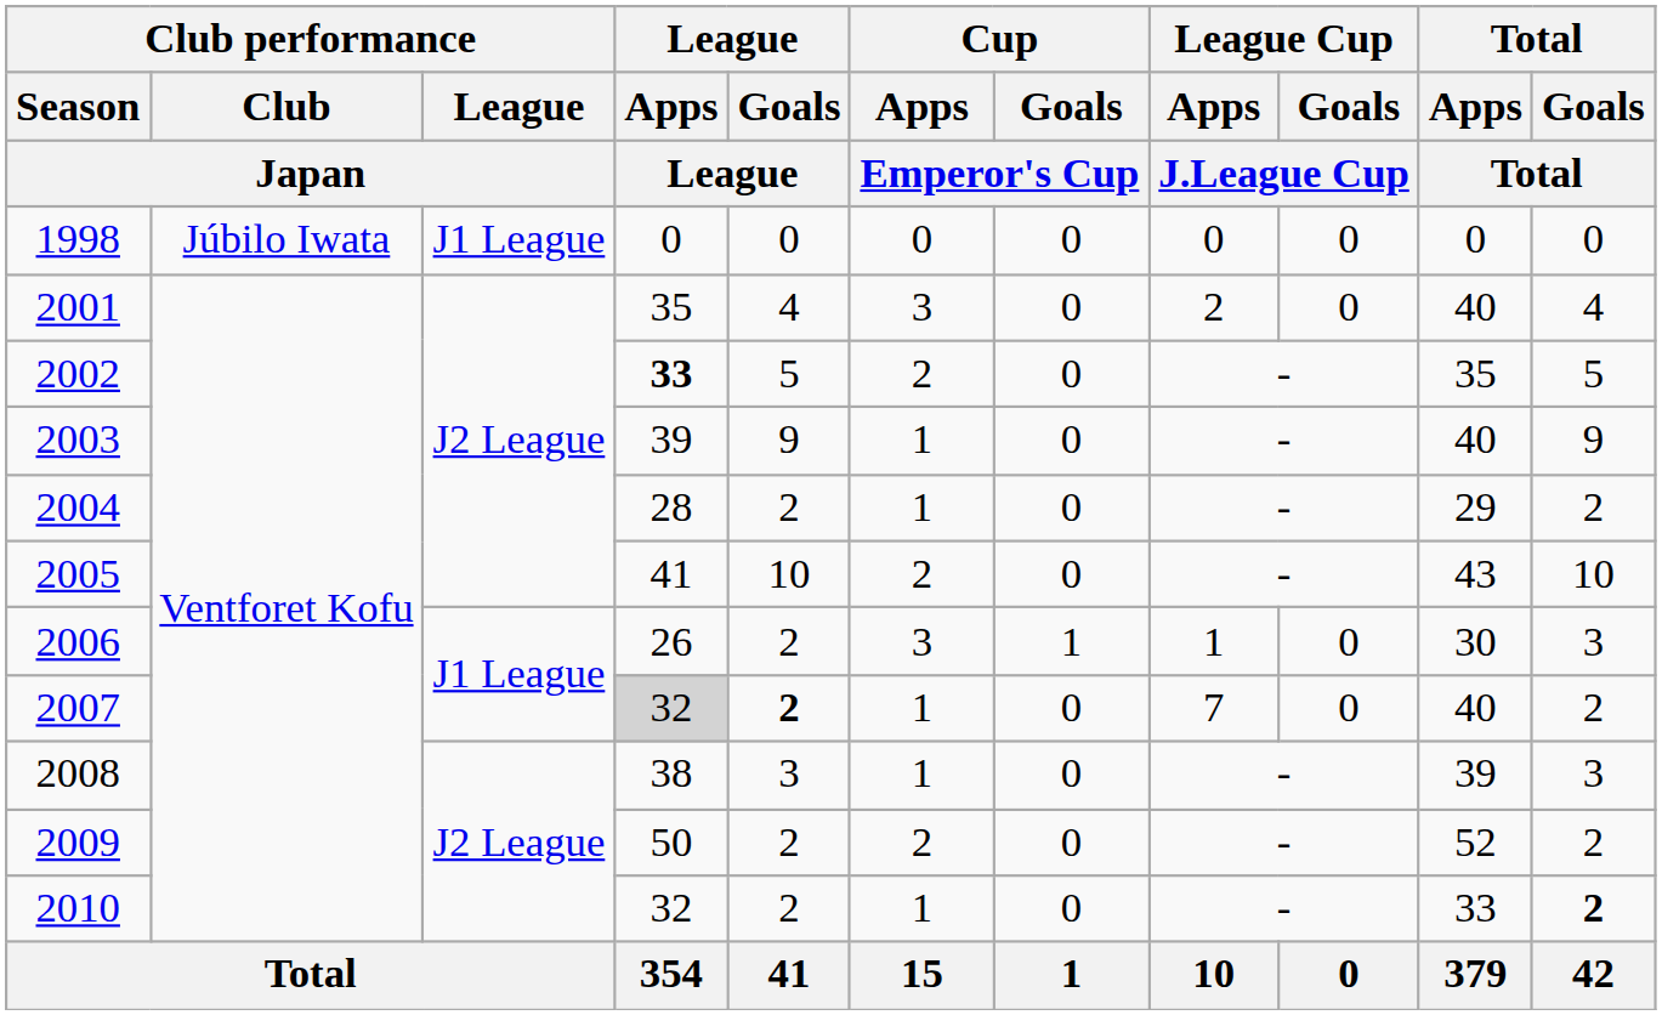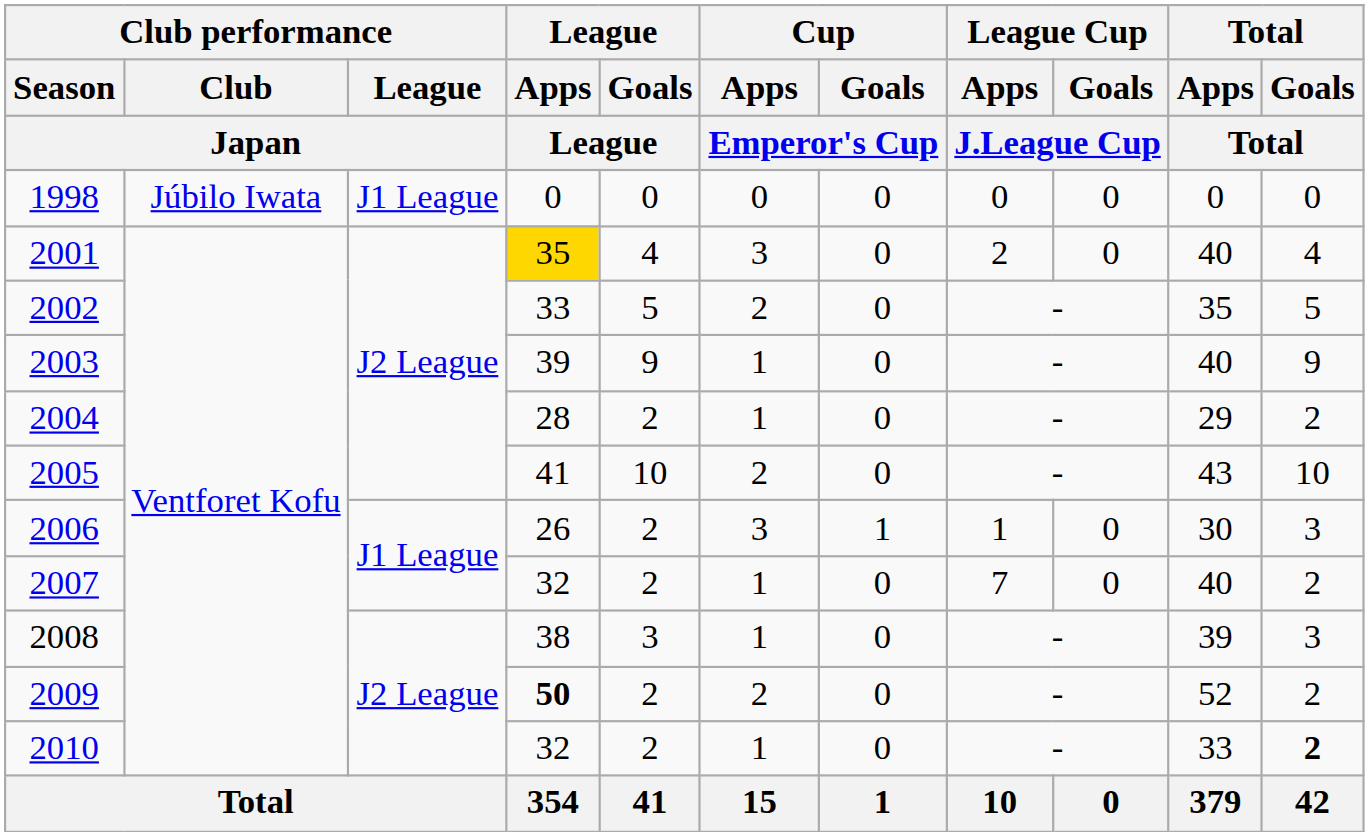 <table class="wikitable" style="text-align:center;">
 <tr>
 <th colspan=3>Club performance</th>
 <th colspan=2>League</th>
 <th colspan=2>Cup</th>
 <th colspan=2>League Cup</th>
 <th colspan=2>Total</th>
 </tr>
 <tr>
 <th>Season</th>
 <th>Club</th>
 <th>League</th>
 <th>Apps</th>
 <th>Goals</th>
 <th>Apps</th>
 <th>Goals</th>
 <th>Apps</th>
 <th>Goals</th>
 <th>Apps</th>
 <th>Goals</th>
 </tr>
 <tr>
 <th colspan=3>Japan</th>
 <th colspan=2>League</th>
 <th colspan=2><a href='#'>Emperor's Cup</a></th>
 <th colspan=2><a href='#'>J.League Cup</a></th>
 <th colspan=2>Total</th>
 </tr>
 <tr>
 <td><a href='#'>1998</a></td>
 <td><a href='#'>Júbilo Iwata</a></td>
 <td><a href='#'>J1 League</a></td>
 <td>0</td>
 <td>0</td>
 <td>0</td>
 <td>0</td>
 <td>0</td>
 <td>0</td>
 <td>0</td>
 <td>0</td>
 </tr>
 <tr>
 <td><a href='#'>2001</a></td>
 <td rowspan="10"><a href='#'>Ventforet Kofu</a></td>
 <td rowspan="5"><a href='#'>J2 League</a></td>
-<td>35</td>
+<td style="background: gold;">35</td>
 <td>4</td>
 <td>3</td>
 <td>0</td>
 <td>2</td>
 <td>0</td>
 <td>40</td>
 <td>4</td>
 </tr>
 <tr>
 <td><a href='#'>2002</a></td>
-<td><strong>33</strong></td>
+<td>33</td>
 <td>5</td>
 <td>2</td>
 <td>0</td>
 <td colspan="2">-</td>
 <td>35</td>
 <td>5</td>
 </tr>
 <tr>
 <td><a href='#'>2003</a></td>
 <td>39</td>
 <td>9</td>
 <td>1</td>
 <td>0</td>
 <td colspan="2">-</td>
 <td>40</td>
 <td>9</td>
 </tr>
 <tr>
 <td><a href='#'>2004</a></td>
 <td>28</td>
 <td>2</td>
 <td>1</td>
 <td>0</td>
 <td colspan="2">-</td>
 <td>29</td>
 <td>2</td>
 </tr>
 <tr>
 <td><a href='#'>2005</a></td>
 <td>41</td>
 <td>10</td>
 <td>2</td>
 <td>0</td>
 <td colspan="2">-</td>
 <td>43</td>
 <td>10</td>
 </tr>
 <tr>
 <td><a href='#'>2006</a></td>
 <td rowspan="2"><a href='#'>J1 League</a></td>
 <td>26</td>
 <td>2</td>
 <td>3</td>
 <td>1</td>
 <td>1</td>
 <td>0</td>
 <td>30</td>
 <td>3</td>
 </tr>
 <tr>
 <td><a href='#'>2007</a></td>
-<td style="background: lightgrey;">32</td>
-<td><strong>2</strong></td>
+<td>32</td>
+<td>2</td>
 <td>1</td>
 <td>0</td>
 <td>7</td>
 <td>0</td>
 <td>40</td>
 <td>2</td>
 </tr>
 <tr>
 <td>2008</td>
 <td rowspan="3"><a href='#'>J2 League</a></td>
 <td>38</td>
 <td>3</td>
 <td>1</td>
 <td>0</td>
 <td colspan="2">-</td>
 <td>39</td>
 <td>3</td>
 </tr>
 <tr>
 <td><a href='#'>2009</a></td>
-<td>50</td>
+<td><strong>50</strong></td>
 <td>2</td>
 <td>2</td>
 <td>0</td>
 <td colspan="2">-</td>
 <td>52</td>
 <td>2</td>
 </tr>
 <tr>
 <td><a href='#'>2010</a></td>
 <td>32</td>
 <td>2</td>
 <td>1</td>
 <td>0</td>
 <td colspan="2">-</td>
 <td>33</td>
 <td><strong>2</strong></td>
 </tr>
 <tr>
 <th colspan=3>Total</th>
 <th>354</th>
 <th>41</th>
 <th>15</th>
 <th>1</th>
 <th>10</th>
 <th>0</th>
 <th>379</th>
 <th>42</th>
 </tr>
 </table>
